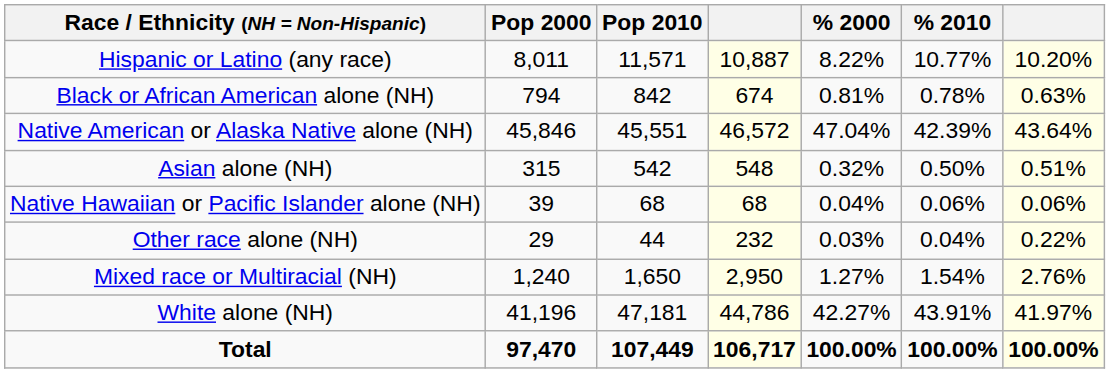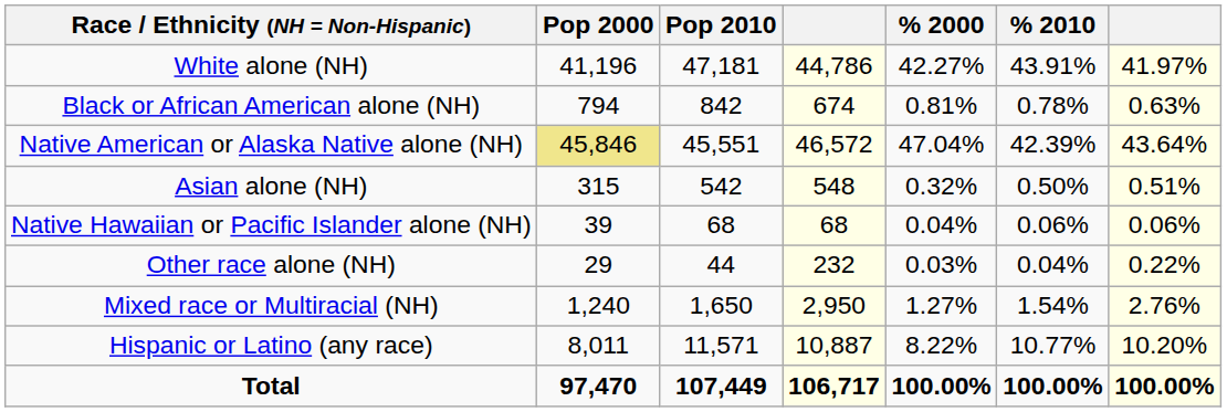 <table class="wikitable" style="text-align:center;">
 <tr>
 <th>Race / Ethnicity <small>(<em>NH = Non-Hispanic</em>)</small></th>
 <th>Pop 2000</th>
 <th>Pop 2010</th>
 <th></th>
 <th>% 2000</th>
 <th>% 2010</th>
 <th></th>
 </tr>
 <tr>
-<td><a href='#'>Hispanic or Latino</a> (any race)</td>
-<td>8,011</td>
-<td>11,571</td>
-<td style='background: #ffffe6;'>10,887</td>
-<td>8.22%</td>
-<td>10.77%</td>
-<td style='background: #ffffe6;'>10.20%</td>
+<td><a href='#'>White</a> alone (NH)</td>
+<td>41,196</td>
+<td>47,181</td>
+<td style='background: #ffffe6;'>44,786</td>
+<td>42.27%</td>
+<td>43.91%</td>
+<td style='background: #ffffe6;'>41.97%</td>
 </tr>
 <tr>
 <td><a href='#'>Black or African American</a> alone (NH)</td>
 <td>794</td>
 <td>842</td>
 <td style='background: #ffffe6;'>674</td>
 <td>0.81%</td>
 <td>0.78%</td>
 <td style='background: #ffffe6;'>0.63%</td>
 </tr>
 <tr>
 <td><a href='#'>Native American</a> or <a href='#'>Alaska Native</a> alone (NH)</td>
-<td>45,846</td>
+<td style="background: khaki;">45,846</td>
 <td>45,551</td>
 <td style='background: #ffffe6;'>46,572</td>
 <td>47.04%</td>
 <td>42.39%</td>
 <td style='background: #ffffe6;'>43.64%</td>
 </tr>
 <tr>
 <td><a href='#'>Asian</a> alone (NH)</td>
 <td>315</td>
 <td>542</td>
 <td style='background: #ffffe6;'>548</td>
 <td>0.32%</td>
 <td>0.50%</td>
 <td style='background: #ffffe6;'>0.51%</td>
 </tr>
 <tr>
 <td><a href='#'>Native Hawaiian</a> or <a href='#'>Pacific Islander</a> alone (NH)</td>
 <td>39</td>
 <td>68</td>
 <td style='background: #ffffe6;'>68</td>
 <td>0.04%</td>
 <td>0.06%</td>
 <td style='background: #ffffe6;'>0.06%</td>
 </tr>
 <tr>
 <td><a href='#'>Other race</a> alone (NH)</td>
 <td>29</td>
 <td>44</td>
 <td style='background: #ffffe6;'>232</td>
 <td>0.03%</td>
 <td>0.04%</td>
 <td style='background: #ffffe6;'>0.22%</td>
 </tr>
 <tr>
 <td><a href='#'>Mixed race or Multiracial</a> (NH)</td>
 <td>1,240</td>
 <td>1,650</td>
 <td style='background: #ffffe6;'>2,950</td>
 <td>1.27%</td>
 <td>1.54%</td>
 <td style='background: #ffffe6;'>2.76%</td>
 </tr>
 <tr>
-<td><a href='#'>White</a> alone (NH)</td>
-<td>41,196</td>
-<td>47,181</td>
-<td style='background: #ffffe6;'>44,786</td>
-<td>42.27%</td>
-<td>43.91%</td>
-<td style='background: #ffffe6;'>41.97%</td>
+<td><a href='#'>Hispanic or Latino</a> (any race)</td>
+<td>8,011</td>
+<td>11,571</td>
+<td style='background: #ffffe6;'>10,887</td>
+<td>8.22%</td>
+<td>10.77%</td>
+<td style='background: #ffffe6;'>10.20%</td>
 </tr>
 <tr>
 <td><strong>Total</strong></td>
 <td><strong>97,470</strong></td>
 <td><strong>107,449</strong></td>
 <td style='background: #ffffe6;'><strong>106,717</strong></td>
 <td><strong>100.00%</strong></td>
 <td><strong>100.00%</strong></td>
 <td style='background: #ffffe6;'><strong>100.00%</strong></td>
 </tr>
 </table>
